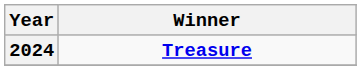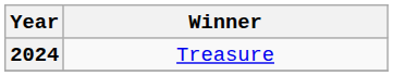 <table class="wikitable plainrowheaders" style="text-align:center">
 <tr>
 <th scope="col">Year</th>
 <th scope="col" width="200">Winner</th>
 </tr>
 <tr>
 <th scope="row">2024</th>
-<td><strong><a href='#'>Treasure</a></strong></td>
+<td><a href='#'>Treasure</a></td>
 </tr>
 <tr>
 </tr>
 </table>
